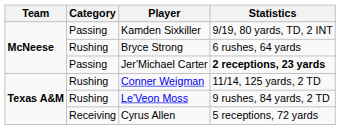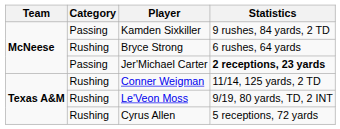 <table class="wikitable" style="float: right;">
 <tr>
 <th>Team</th>
 <th>Category</th>
 <th>Player</th>
 <th>Statistics</th>
 </tr>
 <tr>
 <td rowspan=3><strong>McNeese</strong></td>
 <td>Passing</td>
 <td>Kamden Sixkiller</td>
-<td>9/19, 80 yards, TD, 2 INT</td>
+<td>9 rushes, 84 yards, 2 TD</td>
 </tr>
 <tr>
 <td>Rushing</td>
 <td>Bryce Strong</td>
 <td>6 rushes, 64 yards</td>
 </tr>
 <tr>
 <td>Passing</td>
 <td>Jer'Michael Carter</td>
 <td><strong>2 receptions, 23 yards</strong></td>
 </tr>
 <tr>
 <td rowspan=3><strong>Texas A&M</strong></td>
 <td>Rushing</td>
 <td><a href='#'>Conner Weigman</a></td>
 <td>11/14, 125 yards, 2 TD</td>
 </tr>
 <tr>
 <td>Rushing</td>
 <td><a href='#'>Le'Veon Moss</a></td>
-<td>9 rushes, 84 yards, 2 TD</td>
+<td>9/19, 80 yards, TD, 2 INT</td>
 </tr>
 <tr>
-<td>Receiving</td>
+<td>Rushing</td>
 <td>Cyrus Allen</td>
 <td>5 receptions, 72 yards</td>
 </tr>
 </table>
